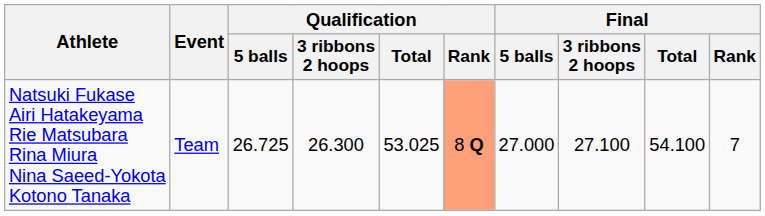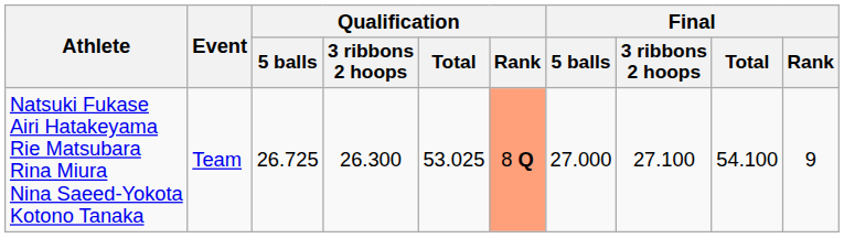 <table class="wikitable" style="font-size:90%">
 <tr>
 <th rowspan="2">Athlete</th>
 <th rowspan="2">Event</th>
 <th colspan="4">Qualification</th>
 <th colspan="4">Final</th>
 </tr>
 <tr style="font-size:95%">
 <th>5 balls</th>
 <th>3 ribbons<br>2 hoops</th>
 <th>Total</th>
 <th>Rank</th>
 <th>5 balls</th>
 <th>3 ribbons<br>2 hoops</th>
 <th>Total</th>
 <th>Rank</th>
 </tr>
 <tr align=center>
 <td align=left><a href='#'>Natsuki Fukase</a><br><a href='#'>Airi Hatakeyama</a><br><a href='#'>Rie Matsubara</a><br><a href='#'>Rina Miura</a><br> <a href='#'>Nina Saeed-Yokota</a><br><a href='#'>Kotono Tanaka</a></td>
 <td align=left><a href='#'>Team</a></td>
 <td>26.725</td>
 <td>26.300</td>
 <td>53.025</td>
 <td style="background: lightsalmon;">8 <strong>Q</strong></td>
 <td>27.000</td>
 <td>27.100</td>
 <td>54.100</td>
-<td>7</td>
+<td>9</td>
 </tr>
 </table>
